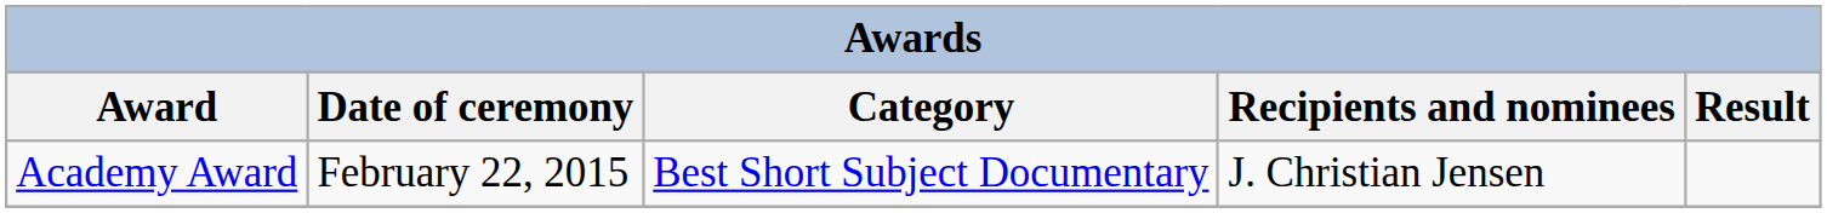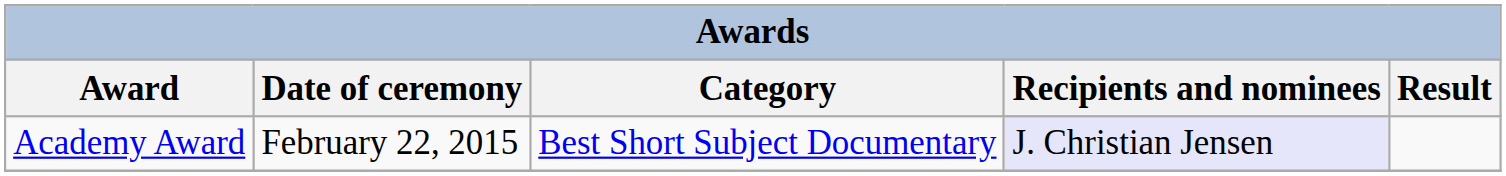 <table class="wikitable">
 <tr>
 <th colspan="5" style="background: LightSteelBlue;">Awards</th>
 </tr>
 <tr>
 <th>Award</th>
 <th>Date of ceremony</th>
 <th>Category</th>
 <th>Recipients and nominees</th>
 <th>Result</th>
 </tr>
 <tr>
 <td><a href='#'>Academy Award</a></td>
 <td>February 22, 2015</td>
 <td><a href='#'>Best Short Subject Documentary</a></td>
-<td>J. Christian Jensen</td>
+<td style="background: lavender;">J. Christian Jensen</td>
 <td></td>
 </tr>
 <tr>
 </tr>
 </table>
